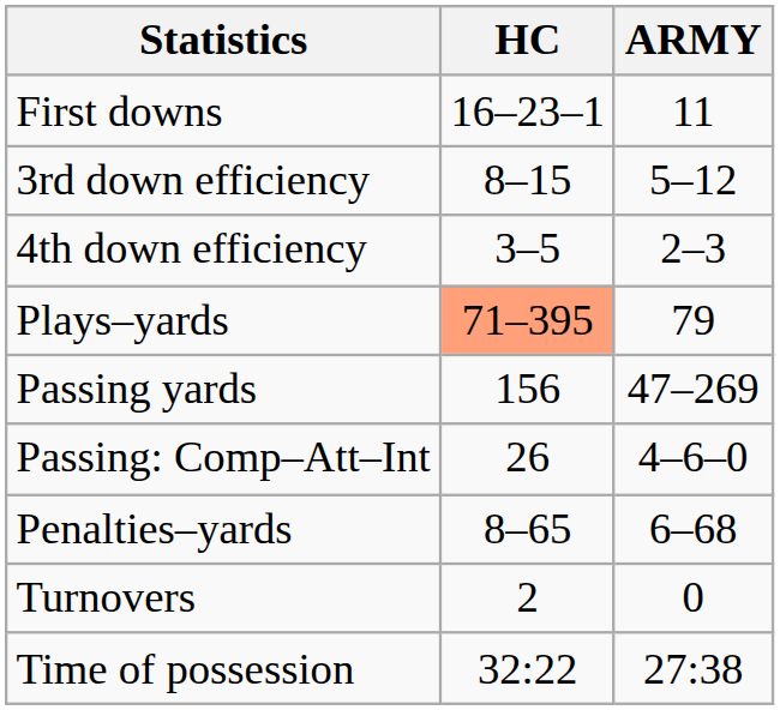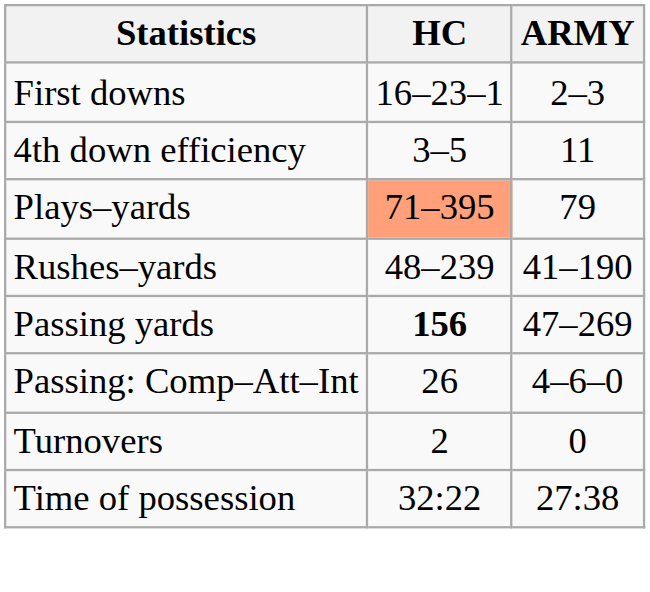 <table class="wikitable">
 <tr>
 <th>Statistics</th>
 <th>HC</th>
 <th>ARMY</th>
 </tr>
 <tr>
 <td>First downs</td>
 <td align=center>16–23–1</td>
-<td align=center>11</td>
-</tr>
-<tr>
-<td>3rd down efficiency</td>
-<td align=center>8–15</td>
-<td align=center>5–12</td>
+<td align=center>2–3</td>
 </tr>
 <tr>
 <td>4th down efficiency</td>
 <td align=center>3–5</td>
-<td align=center>2–3</td>
+<td align=center>11</td>
 </tr>
 <tr>
 <td>Plays–yards</td>
 <td align=center style="background: lightsalmon;">71–395</td>
 <td align=center>79</td>
 </tr>
 <tr>
+<td>Rushes–yards</td>
+<td align=center>48–239</td>
+<td align=center>41–190</td>
+</tr>
+<tr>
 <td>Passing yards</td>
-<td align=center>156</td>
+<td align=center><strong>156</strong></td>
 <td align=center>47–269</td>
 </tr>
 <tr>
 <td>Passing: Comp–Att–Int</td>
 <td align=center>26</td>
 <td align=center>4–6–0</td>
-</tr>
-<tr>
-<td>Penalties–yards</td>
-<td align=center>8–65</td>
-<td align=center>6–68</td>
 </tr>
 <tr>
 <td>Turnovers</td>
 <td align=center>2</td>
 <td align=center>0</td>
 </tr>
 <tr>
 <td>Time of possession</td>
 <td align=center>32:22</td>
 <td align=center>27:38</td>
 </tr>
 </table>
